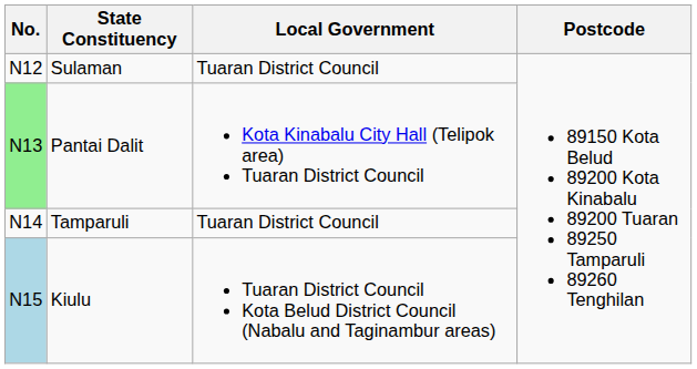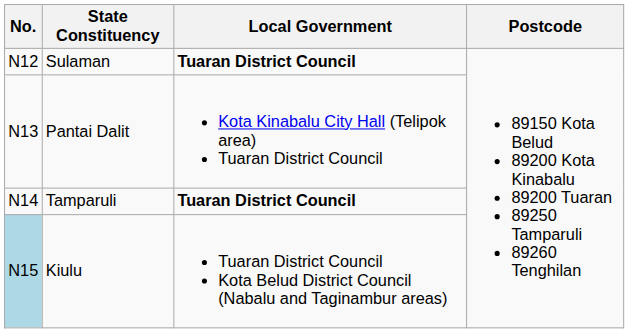 <table class="wikitable">
 <tr>
 <th>No.</th>
 <th>State Constituency</th>
 <th>Local Government</th>
 <th>Postcode</th>
 </tr>
 <tr>
 <td>N12</td>
 <td>Sulaman</td>
-<td>Tuaran District Council</td>
+<td><strong>Tuaran District Council</strong></td>
 <td rowspan="4"><br><ul><li>89150 Kota Belud</li><li>89200 Kota Kinabalu</li><li>89200 Tuaran</li><li>89250 Tamparuli</li><li>89260 Tenghilan</li></ul></td>
 </tr>
 <tr>
-<td style="background: lightgreen;">N13</td>
+<td>N13</td>
 <td>Pantai Dalit</td>
 <td><br><ul><li><a href='#'>Kota Kinabalu City Hall</a> (Telipok area)</li><li>Tuaran District Council</li></ul></td>
 </tr>
 <tr>
 <td>N14</td>
 <td>Tamparuli</td>
-<td>Tuaran District Council</td>
+<td><strong>Tuaran District Council</strong></td>
 </tr>
 <tr>
 <td style="background: lightblue;">N15</td>
 <td>Kiulu</td>
 <td><br><ul><li>Tuaran District Council</li><li>Kota Belud District Council (Nabalu and Taginambur areas)</li></ul></td>
 </tr>
 </table>
